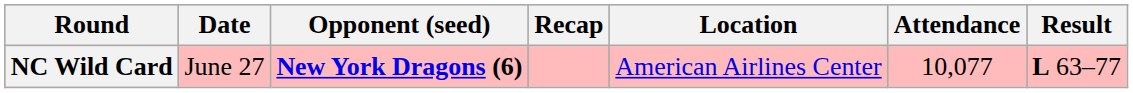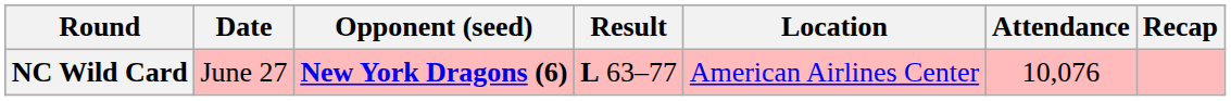 <table class="wikitable" style="text-align:center">
 <tr>
 <th>Round</th>
 <th>Date</th>
 <th>Opponent (seed)</th>
-<th>Recap</th>
+<th>Result</th>
 <th>Location</th>
 <th>Attendance</th>
-<th>Result</th>
+<th>Recap</th>
 </tr>
 <tr bgcolor="ffbbbb">
 <th>NC Wild Card</th>
 <td>June 27</td>
 <td><strong><a href='#'>New York Dragons</a> (6)</strong></td>
+<td><strong>L</strong> 63–77</td>
+<td><a href='#'>American Airlines Center</a></td>
+<td>10,076</td>
 <td></td>
-<td><a href='#'>American Airlines Center</a></td>
-<td>10,077</td>
-<td><strong>L</strong> 63–77</td>
 </tr>
 </table>
